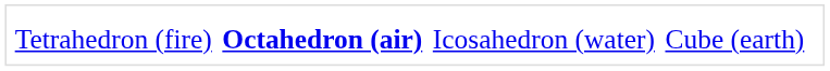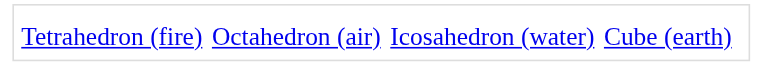 <table style="border:1px solid #ddd; text-align:center; margin: auto;" cellspacing="4">
 <tr>
 <td></td>
 <td></td>
 <td></td>
 <td></td>
 <td></td>
 </tr>
 <tr>
 <td><a href='#'>Tetrahedron (fire)</a></td>
-<td><strong><a href='#'>Octahedron (air)</a></strong></td>
+<td><a href='#'>Octahedron (air)</a></td>
 <td><a href='#'>Icosahedron (water)</a></td>
 <td><a href='#'>Cube (earth)</a></td>
 <td></td>
 </tr>
 </table>
